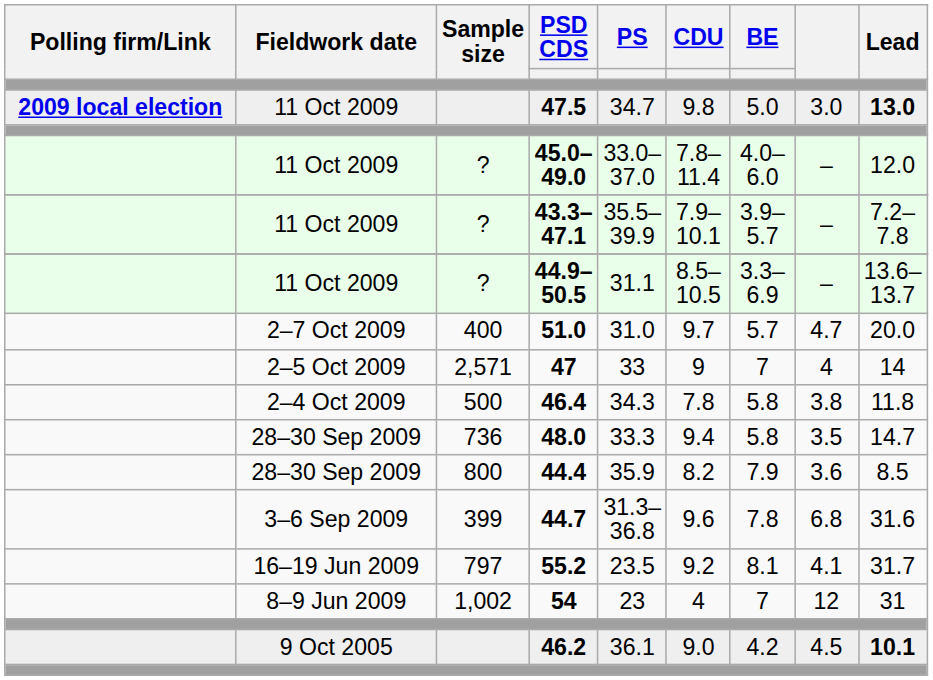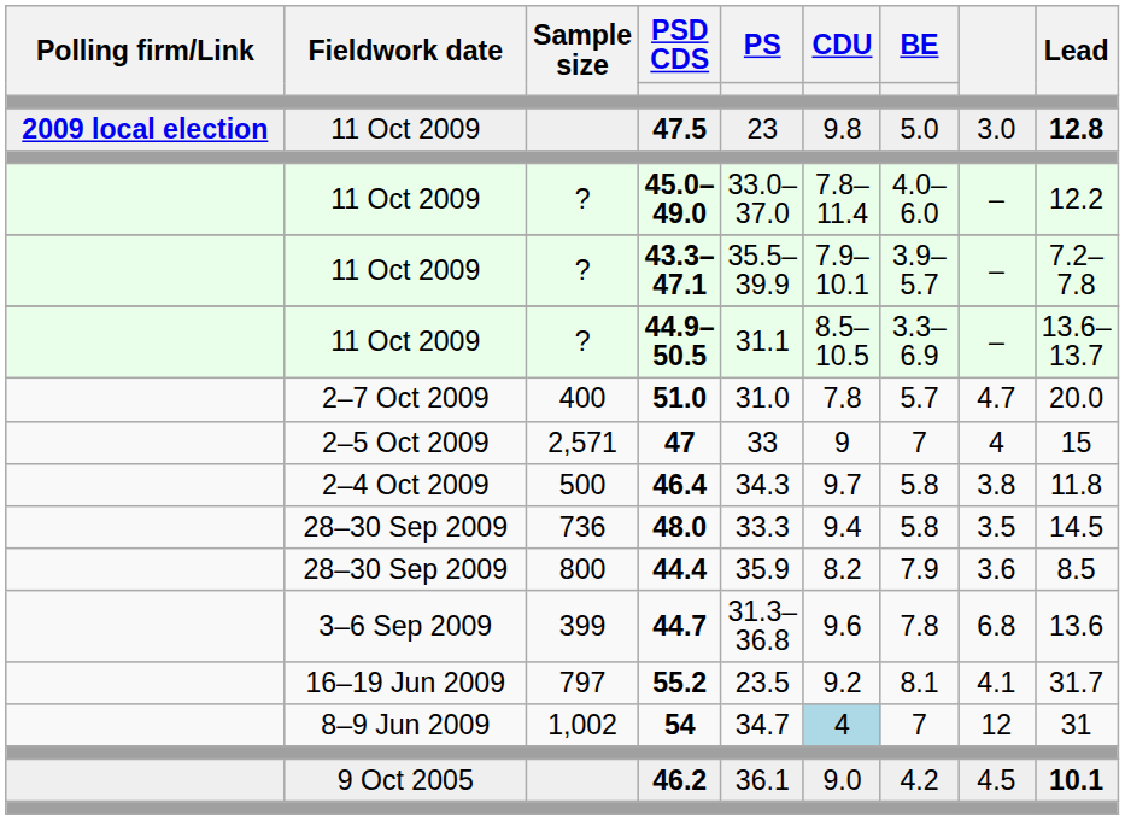 <table class="wikitable collapsible sortable" style="text-align:center; font-size:95%; line-height:16px;">
 <tr style="height:42px;">
 <th style="width:145px;" rowspan="2">Polling firm/Link</th>
 <th style="width:125px;" rowspan="2">Fieldwork date</th>
 <th class="unsortable" style="width:50px;" rowspan="2">Sample size</th>
 <th class="unsortable" style="width:35px;"><a href='#'>PSD</a><br><a href='#'>CDS</a></th>
 <th class="unsortable" style="width:35px;"><a href='#'>PS</a></th>
 <th class="unsortable" style="width:35px;"><a href='#'>CDU</a></th>
 <th class="unsortable" style="width:35px;"><a href='#'>BE</a></th>
 <th class="unsortable" style="width:35px;" rowspan="2"></th>
 <th class="unsortable" style="width:30px;" rowspan="2">Lead</th>
 </tr>
 <tr>
 <th class="unsortable" style="color:inherit;background:"></th>
 <th class="unsortable" style="color:inherit;background:"></th>
 <th class="unsortable" style="color:inherit;background:"></th>
 <th class="unsortable" style="color:inherit;background:"></th>
 </tr>
 <tr>
 <td colspan="13" style="background:#A0A0A0"></td>
 </tr>
 <tr style="background:#EFEFEF;">
 <td><strong><a href='#'>2009 local election</a></strong></td>
 <td data-sort-value="2019-10-06">11 Oct 2009</td>
 <td></td>
 <td><strong>47.5</strong><br></td>
-<td>34.7<br></td>
+<td align="center">23</td>
 <td>9.8<br></td>
 <td>5.0<br></td>
 <td>3.0<br></td>
-<td style="background:"><strong>13.0</strong></td>
+<td style="background:"><strong>12.8</strong></td>
 </tr>
 <tr>
 <td colspan="13" style="background:#A0A0A0"></td>
 </tr>
 <tr style="background:#EAFFEA"|>
 <td></td>
 <td data-sort-value="2019-10-06">11 Oct 2009</td>
 <td>?</td>
 <td align="center" ><strong>45.0–49.0</strong><br></td>
 <td align="center">33.0–37.0<br></td>
 <td align="center">7.8–<br>11.4</td>
 <td align="center">4.0–6.0<br></td>
 <td>–</td>
-<td style="background:">12.0</td>
+<td style="background:">12.2</td>
 </tr>
 <tr>
 </tr>
 <tr style="background:#EAFFEA"|>
 <td></td>
 <td data-sort-value="2019-10-06">11 Oct 2009</td>
 <td>?</td>
 <td align="center" ><strong>43.3–<br>47.1</strong><br></td>
 <td align="center">35.5–<br>39.9<br></td>
 <td align="center">7.9–<br>10.1<br></td>
 <td align="center">3.9–<br>5.7<br></td>
 <td>–</td>
 <td style="background:">7.2–<br>7.8</td>
 </tr>
 <tr>
 </tr>
 <tr style="background:#EAFFEA"|>
 <td></td>
 <td data-sort-value="2019-10-06">11 Oct 2009</td>
 <td>?</td>
 <td align="center" ><strong>44.9–<br>50.5</strong></td>
 <td align="center">31.1</td>
 <td align="center">8.5–10.5<br></td>
 <td align="center">3.3–<br>6.9</td>
 <td>–</td>
 <td style="background:">13.6–<br>13.7</td>
 </tr>
 <tr>
 <td align="center"></td>
 <td align="center">2–7 Oct 2009</td>
 <td>400</td>
 <td align="center" ><strong>51.0</strong></td>
 <td align="center">31.0</td>
-<td align="center">9.7</td>
+<td align="center">7.8</td>
 <td align="center">5.7</td>
 <td align="center">4.7</td>
 <td style="background:">20.0</td>
 </tr>
 <tr>
 <td align="center"></td>
 <td align="center">2–5 Oct 2009</td>
 <td>2,571</td>
 <td align="center" ><strong>47</strong></td>
 <td align="center">33</td>
 <td align="center">9</td>
 <td align="center">7</td>
 <td align="center">4</td>
-<td style="background:">14</td>
+<td style="background:">15</td>
 </tr>
 <tr>
 <td align="center"></td>
 <td align="center">2–4 Oct 2009</td>
 <td>500</td>
 <td align="center" ><strong>46.4</strong></td>
 <td align="center">34.3</td>
-<td align="center">7.8</td>
+<td align="center">9.7</td>
 <td align="center">5.8</td>
 <td align="center">3.8</td>
 <td style="background:">11.8</td>
 </tr>
 <tr>
 <td align="center"></td>
 <td align="center">28–30 Sep 2009</td>
 <td>736</td>
 <td align="center" ><strong>48.0</strong></td>
 <td align="center">33.3</td>
 <td align="center">9.4</td>
 <td align="center">5.8</td>
 <td align="center">3.5</td>
-<td style="background:">14.7</td>
+<td style="background:">14.5</td>
 </tr>
 <tr>
 <td align="center"></td>
 <td align="center">28–30 Sep 2009</td>
 <td>800</td>
 <td align="center" ><strong>44.4</strong></td>
 <td align="center">35.9</td>
 <td align="center">8.2</td>
 <td align="center">7.9</td>
 <td align="center">3.6</td>
 <td style="background:">8.5</td>
 </tr>
 <tr>
 <td align="center"></td>
 <td align="center">3–6 Sep 2009</td>
 <td>399</td>
 <td align="center" ><strong>44.7</strong></td>
 <td align="center">31.3–<br>36.8</td>
 <td align="center">9.6</td>
 <td align="center">7.8</td>
 <td align="center">6.8</td>
-<td style="background:">31.6</td>
+<td style="background:">13.6</td>
 </tr>
 <tr>
 <td align="center"></td>
 <td align="center">16–19 Jun 2009</td>
 <td>797</td>
 <td align="center" ><strong>55.2</strong></td>
 <td align="center">23.5</td>
 <td align="center">9.2</td>
 <td align="center">8.1</td>
 <td align="center">4.1</td>
 <td style="background:">31.7</td>
 </tr>
 <tr>
 <td align="center"></td>
 <td align="center">8–9 Jun 2009</td>
 <td>1,002</td>
 <td align="center" ><strong>54</strong></td>
-<td align="center">23</td>
-<td align="center">4</td>
+<td>34.7<br></td>
+<td align="center" style="background: lightblue;">4</td>
 <td align="center">7</td>
 <td align="center">12</td>
 <td style="background:">31</td>
 </tr>
 <tr>
 <td colspan="13" style="background:#A0A0A0"></td>
 </tr>
 <tr style="background:#EFEFEF;">
 <td><strong></strong></td>
 <td data-sort-value="2019-10-06">9 Oct 2005</td>
 <td></td>
 <td><strong>46.2</strong><br></td>
 <td>36.1<br></td>
 <td>9.0<br></td>
 <td>4.2<br></td>
 <td>4.5<br></td>
 <td style="background:"><strong>10.1</strong></td>
 </tr>
 <tr>
 <td colspan="13" style="background:#A0A0A0"></td>
 </tr>
 </table>
